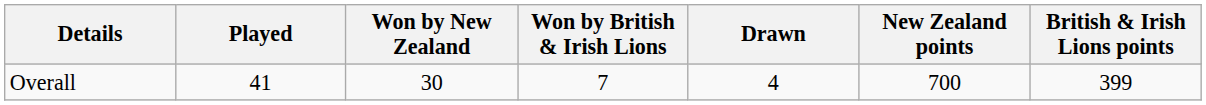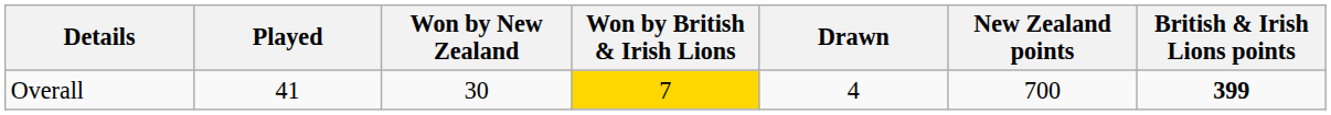 <table class="wikitable">
 <tr>
 <th style="width:125px">Details</th>
 <th style="width:125px">Played</th>
 <th style="width:125px">Won by New Zealand</th>
 <th style="width:125px">Won by British & Irish Lions</th>
 <th style="width:125px">Drawn</th>
 <th style="width:125px">New Zealand points</th>
 <th style="width:125px">British & Irish Lions points</th>
 </tr>
 <tr>
 <td>Overall</td>
 <td style="text-align:center">41</td>
 <td style="text-align:center">30</td>
-<td style="text-align:center">7</td>
+<td style="background: gold; text-align:center">7</td>
 <td style="text-align:center">4</td>
 <td style="text-align:center">700</td>
-<td style="text-align:center">399</td>
+<td style="text-align:center"><strong>399</strong></td>
 </tr>
 </table>
